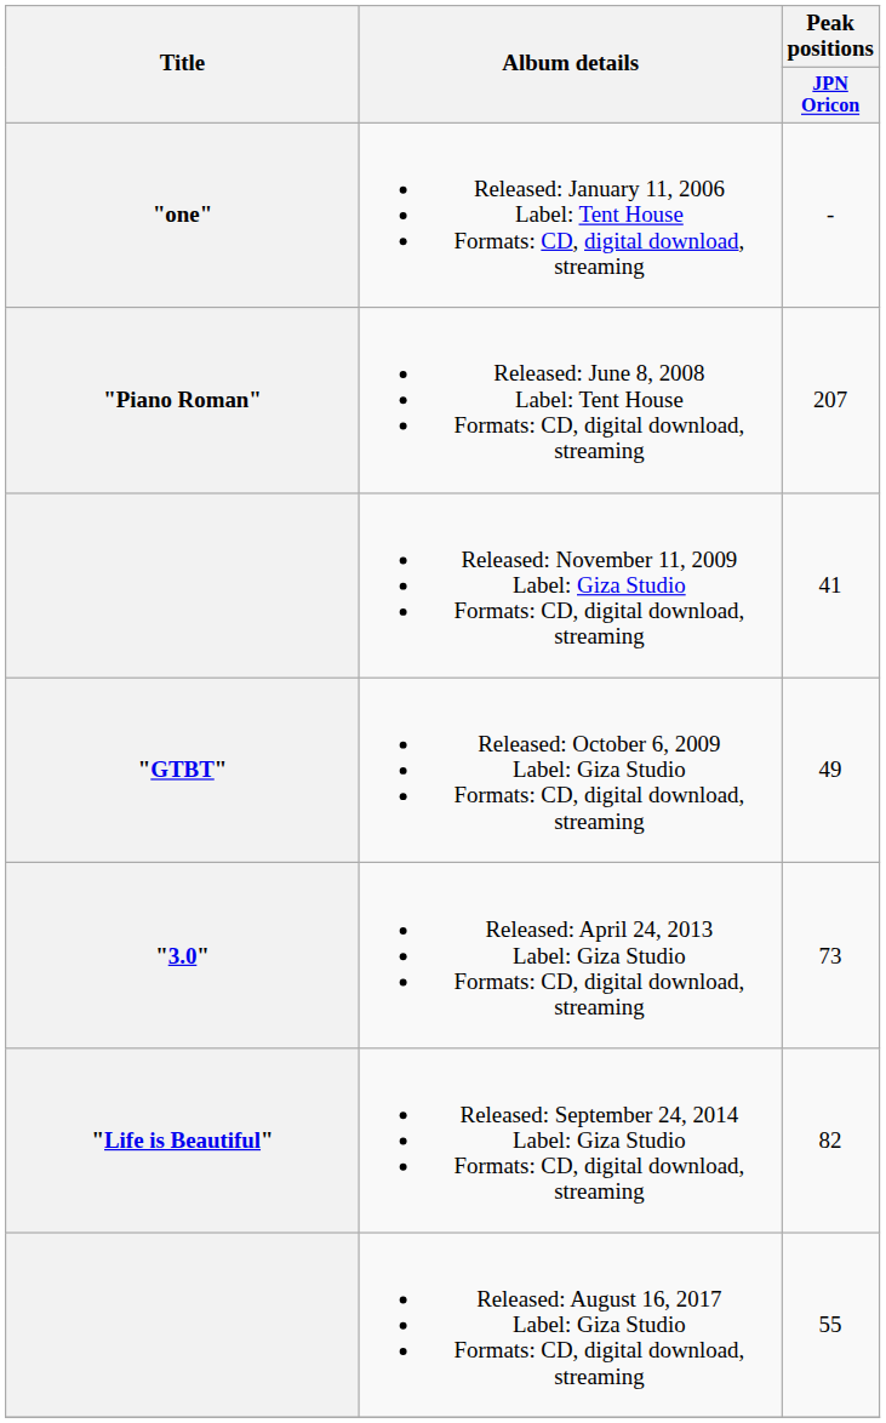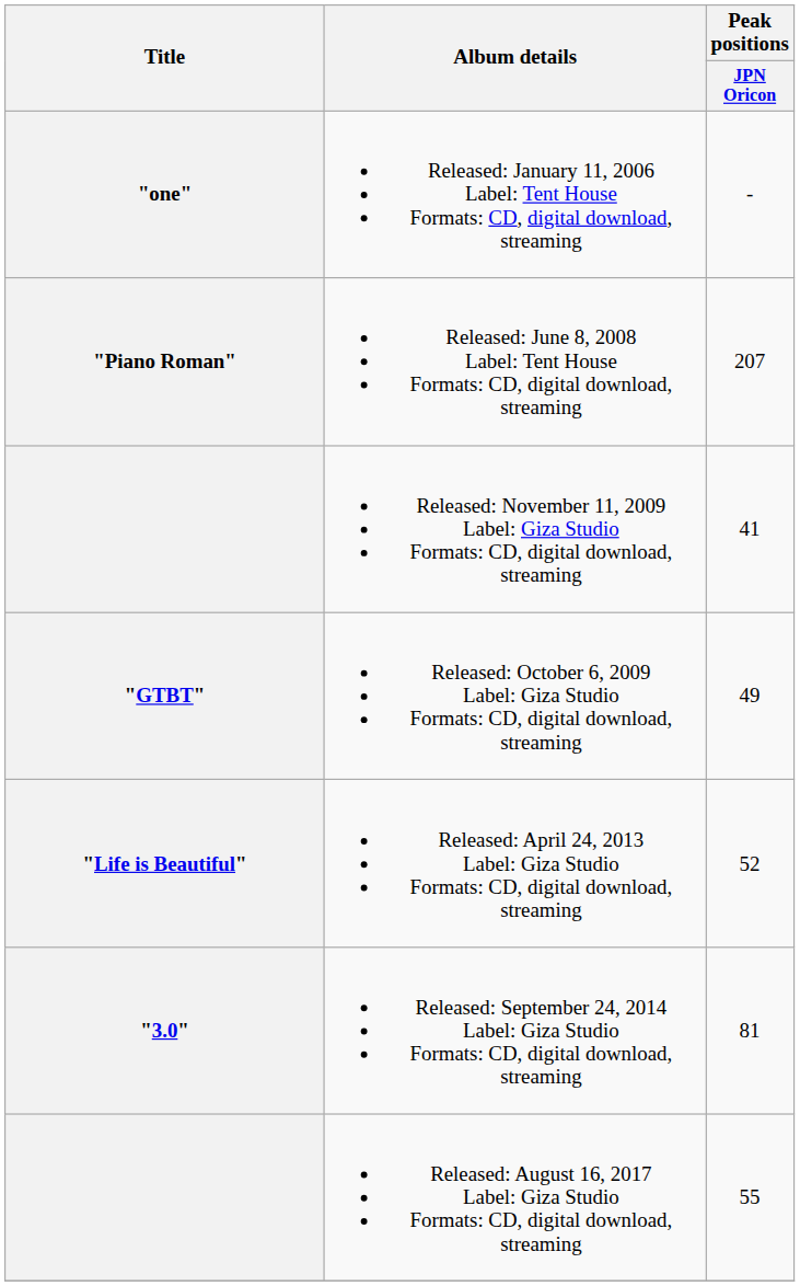 <table class="wikitable plainrowheaders" style="text-align:center;">
 <tr>
 <th style="width:15em;" rowspan="2">Title</th>
 <th style="width:18em;" rowspan="2">Album details</th>
 <th colspan="1">Peak positions</th>
 </tr>
 <tr>
 <th style="width:3em;font-size:85%"><a href='#'>JPN<br>Oricon</a><br></th>
 </tr>
 <tr>
 <th scope="row">"one"</th>
 <td><br><ul><li>Released: January 11, 2006</li><li>Label: <a href='#'>Tent House</a></li><li>Formats: <a href='#'>CD</a>, <a href='#'>digital download</a>, streaming</li></ul></td>
 <td>-</td>
 </tr>
 <tr>
 <th scope="row">"Piano Roman"</th>
 <td><br><ul><li>Released: June 8, 2008</li><li>Label: Tent House</li><li>Formats: CD, digital download, streaming</li></ul></td>
 <td>207</td>
 </tr>
 <tr>
 <th scope="row"></th>
 <td><br><ul><li>Released: November 11, 2009</li><li>Label: <a href='#'>Giza Studio</a></li><li>Formats: CD, digital download, streaming</li></ul></td>
 <td>41</td>
 </tr>
 <tr>
 <th scope="row">"<a href='#'>GTBT</a>"</th>
 <td><br><ul><li>Released: October 6, 2009</li><li>Label: Giza Studio</li><li>Formats: CD, digital download, streaming</li></ul></td>
 <td>49</td>
 </tr>
 <tr>
-<th scope="row">"<a href='#'>3.0</a>"</th>
+<th scope="row">"<a href='#'>Life is Beautiful</a>"</th>
 <td><br><ul><li>Released: April 24, 2013</li><li>Label: Giza Studio</li><li>Formats: CD, digital download, streaming</li></ul></td>
-<td>73</td>
+<td>52</td>
 </tr>
 <tr>
-<th scope="row">"<a href='#'>Life is Beautiful</a>"</th>
+<th scope="row">"<a href='#'>3.0</a>"</th>
 <td><br><ul><li>Released: September 24, 2014</li><li>Label: Giza Studio</li><li>Formats: CD, digital download, streaming</li></ul></td>
-<td>82</td>
+<td>81</td>
 </tr>
 <tr>
 <th scope="row"></th>
 <td><br><ul><li>Released: August 16, 2017</li><li>Label: Giza Studio</li><li>Formats: CD, digital download, streaming</li></ul></td>
 <td>55</td>
 </tr>
 <tr>
 </tr>
 </table>
